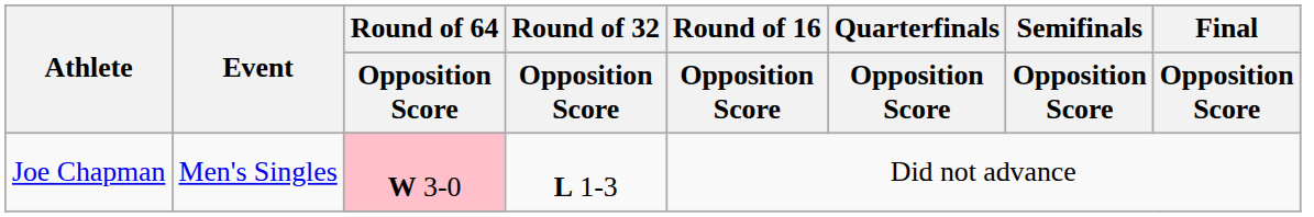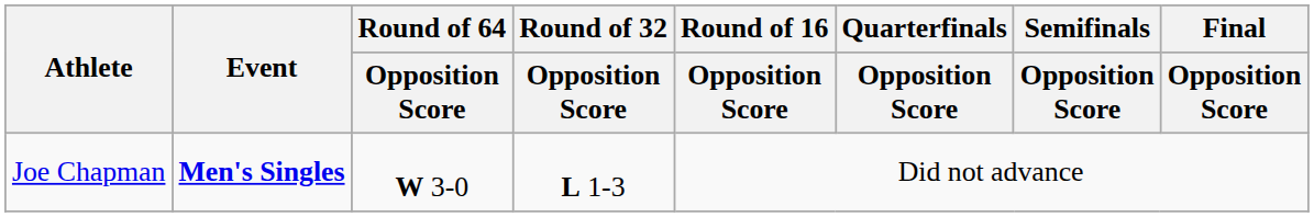 <table class=wikitable style="font-size:90%">
 <tr>
 <th rowspan="2">Athlete</th>
 <th rowspan="2">Event</th>
 <th>Round of 64</th>
 <th>Round of 32</th>
 <th>Round of 16</th>
 <th>Quarterfinals</th>
 <th>Semifinals</th>
 <th>Final</th>
 </tr>
 <tr>
 <th>Opposition<br>Score</th>
 <th>Opposition<br>Score</th>
 <th>Opposition<br>Score</th>
 <th>Opposition<br>Score</th>
 <th>Opposition<br>Score</th>
 <th>Opposition<br>Score</th>
 </tr>
 <tr>
 <td><a href='#'>Joe Chapman</a></td>
-<td><a href='#'>Men's Singles</a></td>
-<td align=center style="background: pink;"><br><strong>W</strong> 3-0</td>
+<td><strong><a href='#'>Men's Singles</a></strong></td>
+<td align=center><br><strong>W</strong> 3-0</td>
 <td align=center><br><strong>L</strong> 1-3</td>
 <td align=center colspan=4>Did not advance</td>
 </tr>
 </table>
